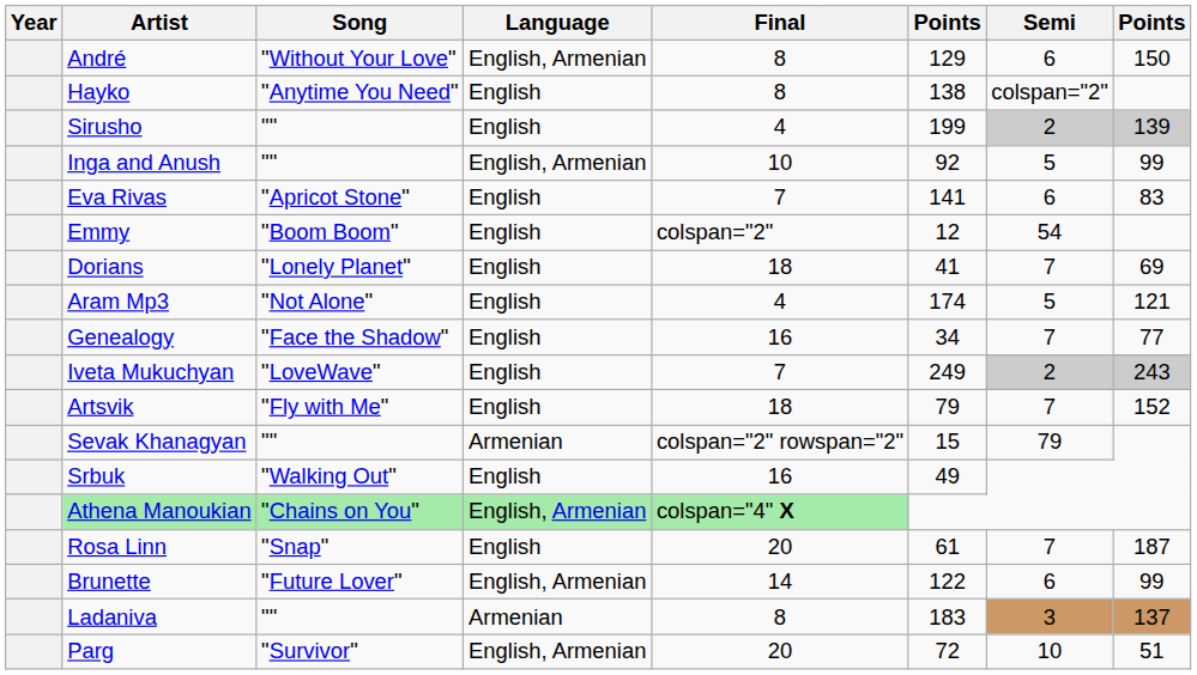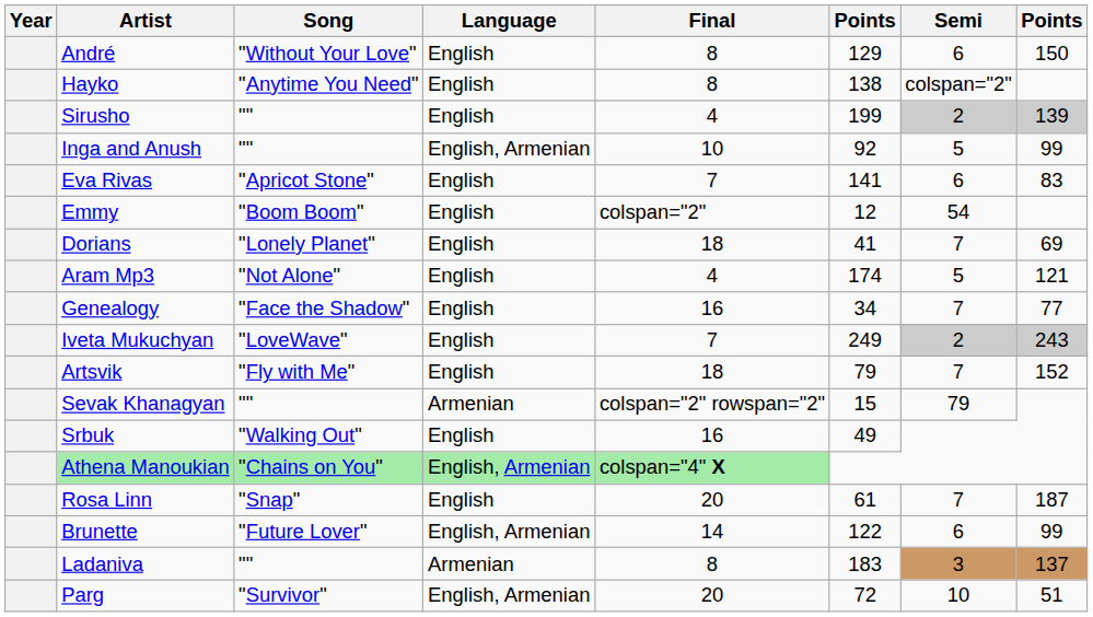 <table class="wikitable sortable plainrowheaders">
 <tr>
 <th scope="col">Year</th>
 <th scope="col">Artist</th>
 <th scope="col">Song</th>
 <th scope="col">Language</th>
 <th scope="col" data-sort-type="number">Final</th>
 <th scope="col" data-sort-type="number">Points</th>
 <th scope="col" data-sort-type="number">Semi</th>
 <th scope="col" data-sort-type="number">Points</th>
 </tr>
 <tr>
 <th scope="row" style="text-align:center;"></th>
 <td><a href='#'>André</a></td>
 <td>"<a href='#'>Without Your Love</a>"</td>
-<td>English, Armenian</td>
+<td>English</td>
 <td style="text-align:center;">8</td>
 <td style="text-align:center;">129</td>
 <td style="text-align:center;">6</td>
 <td style="text-align:center;">150</td>
 </tr>
 <tr>
 <th scope="row" style="text-align:center;"></th>
 <td><a href='#'>Hayko</a></td>
 <td>"<a href='#'>Anytime You Need</a>"</td>
 <td>English</td>
 <td style="text-align:center;">8</td>
 <td style="text-align:center;">138</td>
 <td>colspan="2" </td>
 </tr>
 <tr>
 <th scope="row" style="text-align:center;"></th>
 <td><a href='#'>Sirusho</a></td>
 <td>"" </td>
 <td>English</td>
 <td style="text-align:center;">4</td>
 <td style="text-align:center;">199</td>
 <td style="text-align:center; background-color:#CCC">2</td>
 <td style="text-align:center; background-color:#CCC">139</td>
 </tr>
 <tr>
 <th scope="row" style="text-align:center;"></th>
 <td><a href='#'>Inga and Anush</a></td>
 <td>"" </td>
 <td>English, Armenian</td>
 <td style="text-align:center;">10</td>
 <td style="text-align:center;">92</td>
 <td style="text-align:center;">5</td>
 <td style="text-align:center;">99</td>
 </tr>
 <tr>
 <th scope="row" style="text-align:center;"></th>
 <td><a href='#'>Eva Rivas</a></td>
 <td>"<a href='#'>Apricot Stone</a>"</td>
 <td>English</td>
 <td style="text-align:center;">7</td>
 <td style="text-align:center;">141</td>
 <td style="text-align:center;">6</td>
 <td style="text-align:center;">83</td>
 </tr>
 <tr>
 <th scope="row" style="text-align:center;"></th>
 <td><a href='#'>Emmy</a></td>
 <td>"<a href='#'>Boom Boom</a>"</td>
 <td>English</td>
 <td>colspan="2" </td>
 <td style="text-align:center;">12</td>
 <td style="text-align:center;">54</td>
 </tr>
 <tr>
 <th scope="row" style="text-align:center;"></th>
 <td><a href='#'>Dorians</a></td>
 <td>"<a href='#'>Lonely Planet</a>"</td>
 <td>English</td>
 <td style="text-align:center;">18</td>
 <td style="text-align:center;">41</td>
 <td style="text-align:center;">7</td>
 <td style="text-align:center;">69</td>
 </tr>
 <tr>
 <th scope="row" style="text-align:center;"></th>
 <td><a href='#'>Aram Mp3</a></td>
 <td>"<a href='#'>Not Alone</a>"</td>
 <td>English</td>
 <td style="text-align:center;">4</td>
 <td style="text-align:center;">174</td>
 <td style="text-align:center;">5</td>
 <td style="text-align:center;">121</td>
 </tr>
 <tr>
 <th scope="row" style="text-align:center;"></th>
 <td><a href='#'>Genealogy</a></td>
 <td>"<a href='#'>Face the Shadow</a>"</td>
 <td>English</td>
 <td style="text-align:center;">16</td>
 <td style="text-align:center;">34</td>
 <td style="text-align:center;">7</td>
 <td style="text-align:center;">77</td>
 </tr>
 <tr>
 <th scope="row" style="text-align:center;"></th>
 <td><a href='#'>Iveta Mukuchyan</a></td>
 <td>"<a href='#'>LoveWave</a>"</td>
 <td>English</td>
 <td style="text-align:center;">7</td>
 <td style="text-align:center;">249</td>
 <td style="text-align:center; background-color:#CCC">2</td>
 <td style="text-align:center; background-color:#CCC">243</td>
 </tr>
 <tr>
 <th scope="row" style="text-align:center;"></th>
 <td><a href='#'>Artsvik</a></td>
 <td>"<a href='#'>Fly with Me</a>"</td>
 <td>English</td>
 <td style="text-align:center;">18</td>
 <td style="text-align:center;">79</td>
 <td style="text-align:center;">7</td>
 <td style="text-align:center;">152</td>
 </tr>
 <tr>
 <th scope="row" style="text-align:center;"></th>
 <td><a href='#'>Sevak Khanagyan</a></td>
 <td>"" </td>
 <td>Armenian</td>
 <td>colspan="2" rowspan="2" </td>
 <td style="text-align:center;">15</td>
 <td style="text-align:center;">79</td>
 </tr>
 <tr>
 <th scope="row" style="text-align:center;"></th>
 <td><a href='#'>Srbuk</a></td>
 <td>"<a href='#'>Walking Out</a>"</td>
 <td>English</td>
 <td style="text-align:center;">16</td>
 <td style="text-align:center;">49</td>
 </tr>
 <tr style="background-color:#A4EAA9">
 <th scope="row" style="text-align:center;"></th>
 <td><a href='#'>Athena Manoukian</a></td>
 <td>"<a href='#'>Chains on You</a>"</td>
 <td>English, <a href='#'>Armenian</a></td>
 <td>colspan="4"  <strong>X</strong></td>
 </tr>
 <tr>
 <th scope="row" style="text-align:center;"></th>
 <td><a href='#'>Rosa Linn</a></td>
 <td>"<a href='#'>Snap</a>"</td>
 <td>English</td>
 <td style="text-align:center;">20</td>
 <td style="text-align:center;">61</td>
 <td style="text-align:center;">7</td>
 <td style="text-align:center;">187</td>
 </tr>
 <tr>
 <th scope="row" style="text-align:center;"></th>
 <td><a href='#'>Brunette</a></td>
 <td>"<a href='#'>Future Lover</a>"</td>
 <td>English, Armenian</td>
 <td style="text-align:center;">14</td>
 <td style="text-align:center;">122</td>
 <td style="text-align:center;">6</td>
 <td style="text-align:center;">99</td>
 </tr>
 <tr>
 <th scope="row" style="text-align:center;"></th>
 <td><a href='#'>Ladaniva</a></td>
 <td>"" </td>
 <td>Armenian</td>
 <td style="text-align:center;">8</td>
 <td style="text-align:center;">183</td>
 <td style="text-align:center; background-color:#C96;">3</td>
 <td style="text-align:center; background-color:#C96;">137</td>
 </tr>
 <tr>
 <th scope="row" style="text-align:center;"></th>
 <td><a href='#'>Parg</a></td>
 <td>"<a href='#'>Survivor</a>"</td>
 <td>English, Armenian</td>
 <td style="text-align:center;">20</td>
 <td style="text-align:center;">72</td>
 <td style="text-align:center;">10</td>
 <td style="text-align:center;">51</td>
 </tr>
 </table>
